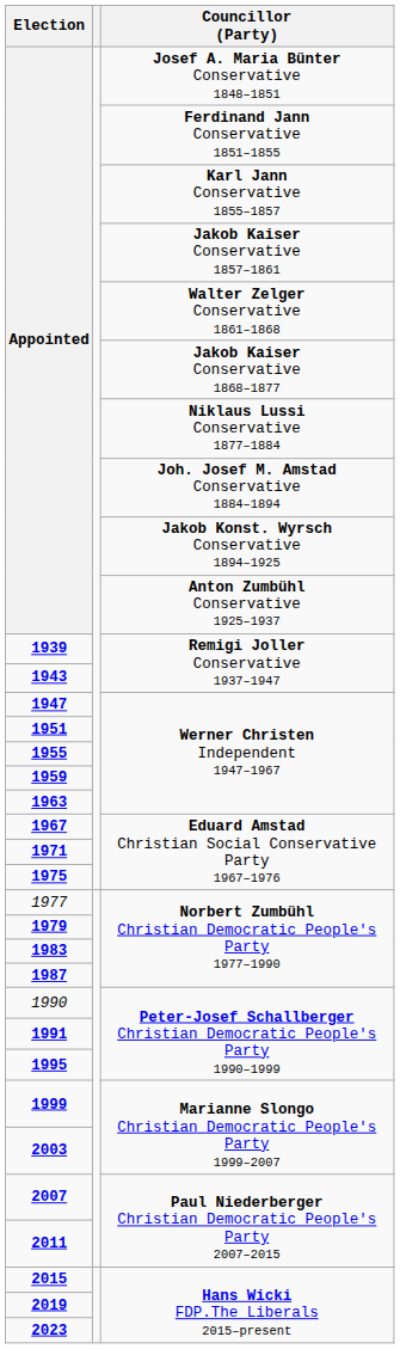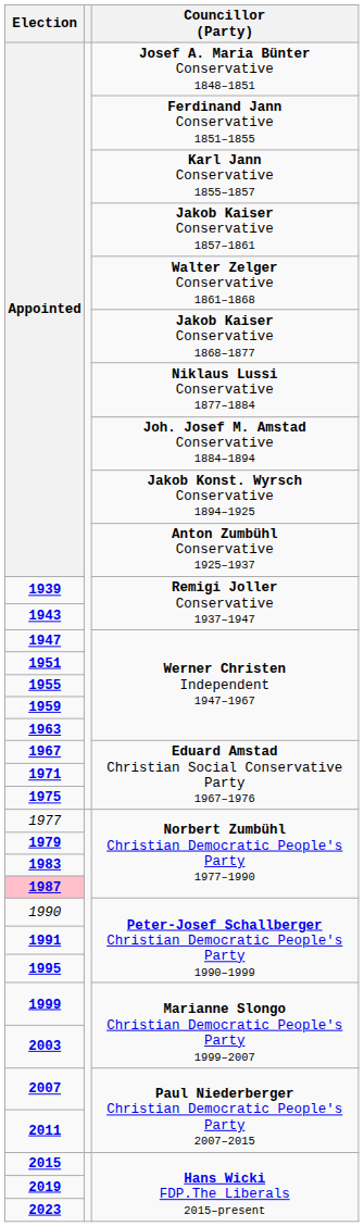 <table class="wikitable" style="text-align:center">
 <tr>
 <th>Election</th>
 <th></th>
 <th scope="col" width="250" colspan = "1">Councillor<br> (Party)</th>
 </tr>
 <tr>
 <th rowspan=11>Appointed</th>
 <td rowspan=21; style="background-color: "></td>
 <td rowspan=1><strong>Josef A. Maria Bünter</strong><br>Conservative<br><small>1848–1851</small></td>
 </tr>
 <tr>
 <td rowspan=1><strong>Ferdinand Jann</strong><br>Conservative<br><small>1851–1855</small></td>
 </tr>
 <tr>
 <td rowspan=1><strong>Karl Jann</strong><br>Conservative<br><small>1855–1857</small></td>
 </tr>
 <tr>
 <td rowspan=1><strong>Jakob Kaiser</strong><br>Conservative<br><small>1857–1861</small></td>
 </tr>
 <tr>
 <td rowspan=1><strong>Walter Zelger</strong><br>Conservative<br><small>1861–1868</small></td>
 </tr>
 <tr>
 <td rowspan=1><strong>Jakob Kaiser</strong><br>Conservative<br><small>1868–1877</small></td>
 </tr>
 <tr>
 <td rowspan=1><strong>Niklaus Lussi</strong><br>Conservative<br><small>1877–1884</small></td>
 </tr>
 <tr>
 <td rowspan=1><strong>Joh. Josef M. Amstad</strong><br>Conservative<br><small>1884–1894</small></td>
 </tr>
 <tr>
 <td rowspan=1><strong>Jakob Konst. Wyrsch</strong><br>Conservative<br><small>1894–1925</small></td>
 </tr>
 <tr>
 <td rowspan=1><strong>Anton Zumbühl</strong><br>Conservative<br><small>1925–1937</small></td>
 </tr>
 <tr>
 <td rowspan=3><strong>Remigi Joller</strong><br>Conservative<br><small>1937–1947</small></td>
 </tr>
 <tr>
 <td><strong><a href='#'>1939</a></strong></td>
 </tr>
 <tr>
 <td><strong><a href='#'>1943</a></strong></td>
 </tr>
 <tr>
 <td><strong><a href='#'>1947</a></strong></td>
 <td rowspan=5><strong>Werner Christen</strong><br>Independent<br><small>1947–1967</small></td>
 </tr>
 <tr>
 <td><strong><a href='#'>1951</a></strong></td>
 </tr>
 <tr>
 <td><strong><a href='#'>1955</a></strong></td>
 </tr>
 <tr>
 <td><strong><a href='#'>1959</a></strong></td>
 </tr>
 <tr>
 <td><strong><a href='#'>1963</a></strong></td>
 </tr>
 <tr>
 <td><strong><a href='#'>1967</a></strong></td>
 <td rowspan=3><strong>Eduard Amstad</strong><br>Christian Social Conservative Party<br><small>1967–1976</small></td>
 </tr>
 <tr>
 <td><strong><a href='#'>1971</a></strong></td>
 </tr>
 <tr>
 <td><strong><a href='#'>1975</a></strong></td>
 </tr>
 <tr>
 <td><em>1977</em></td>
 <td rowspan=11; style="background-color: "></td>
 <td rowspan=4><strong>Norbert Zumbühl</strong><br><a href='#'>Christian Democratic People's Party</a><br><small>1977–1990</small></td>
 </tr>
 <tr>
 <td><strong><a href='#'>1979</a></strong></td>
 </tr>
 <tr>
 <td><strong><a href='#'>1983</a></strong></td>
 </tr>
 <tr>
-<td><strong><a href='#'>1987</a></strong></td>
+<td style="background: pink;"><strong><a href='#'>1987</a></strong></td>
 </tr>
 <tr>
 <td><em>1990</em></td>
 <td rowspan=3><br><strong><a href='#'>Peter-Josef Schallberger</a></strong><br><a href='#'>Christian Democratic People's Party</a><br><small>1990–1999</small></td>
 </tr>
 <tr>
 <td><strong><a href='#'>1991</a></strong></td>
 </tr>
 <tr>
 <td><strong><a href='#'>1995</a></strong></td>
 </tr>
 <tr>
 <td><strong><a href='#'>1999</a></strong></td>
 <td rowspan=2><br><strong>Marianne Slongo</strong><br><a href='#'>Christian Democratic People's Party</a><br><small>1999–2007</small></td>
 </tr>
 <tr>
 <td><strong><a href='#'>2003</a></strong></td>
 </tr>
 <tr>
 <td><strong><a href='#'>2007</a></strong></td>
 <td rowspan=2><br><strong>Paul Niederberger</strong><br><a href='#'>Christian Democratic People's Party</a><br><small>2007–2015</small></td>
 </tr>
 <tr>
 <td><strong><a href='#'>2011</a></strong></td>
 </tr>
 <tr>
 <td><strong><a href='#'>2015</a></strong></td>
 <td rowspan=3; style="background-color: "></td>
 <td rowspan=3><br><strong><a href='#'>Hans Wicki</a></strong><br><a href='#'>FDP.The Liberals</a><br><small>2015–present</small></td>
 </tr>
 <tr>
 <td><strong><a href='#'>2019</a></strong></td>
 </tr>
 <tr>
 <td><strong><a href='#'>2023</a></strong></td>
 </tr>
 </table>
